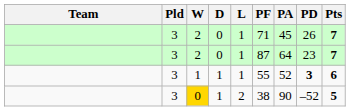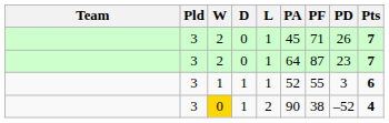 <table class="wikitable" style="text-align:center;">
 <tr>
 <th width="190">Team</th>
 <th width="20" abbr="Played">Pld</th>
 <th width="20" abbr="Won">W</th>
 <th width="20" abbr="Drawn">D</th>
 <th width="20" abbr="Lost">L</th>
+<th width="20" abbr="Points against">PA</th>
 <th width="20" abbr="Points for">PF</th>
-<th width="20" abbr="Points against">PA</th>
 <th width="25" abbr="Points difference">PD</th>
 <th width="20" abbr="Points">Pts</th>
 </tr>
 <tr style="background:#ccffcc">
 <td align="left"></td>
 <td>3</td>
 <td>2</td>
 <td>0</td>
 <td>1</td>
+<td>45</td>
 <td>71</td>
-<td>45</td>
 <td>26</td>
 <td><strong>7</strong></td>
 </tr>
 <tr style="background:#ccffcc">
 <td align="left"></td>
 <td>3</td>
 <td>2</td>
 <td>0</td>
 <td>1</td>
+<td>64</td>
 <td>87</td>
-<td>64</td>
 <td>23</td>
 <td><strong>7</strong></td>
 </tr>
 <tr>
 <td align="left"></td>
 <td>3</td>
 <td>1</td>
 <td>1</td>
 <td>1</td>
+<td>52</td>
 <td>55</td>
-<td>52</td>
-<td><strong>3</strong></td>
+<td>3</td>
 <td><strong>6</strong></td>
 </tr>
 <tr>
 <td align="left"></td>
 <td>3</td>
 <td style="background: gold;">0</td>
 <td>1</td>
 <td>2</td>
+<td>90</td>
 <td>38</td>
-<td>90</td>
 <td>–52</td>
-<td><strong>5</strong></td>
+<td><strong>4</strong></td>
 </tr>
 </table>
